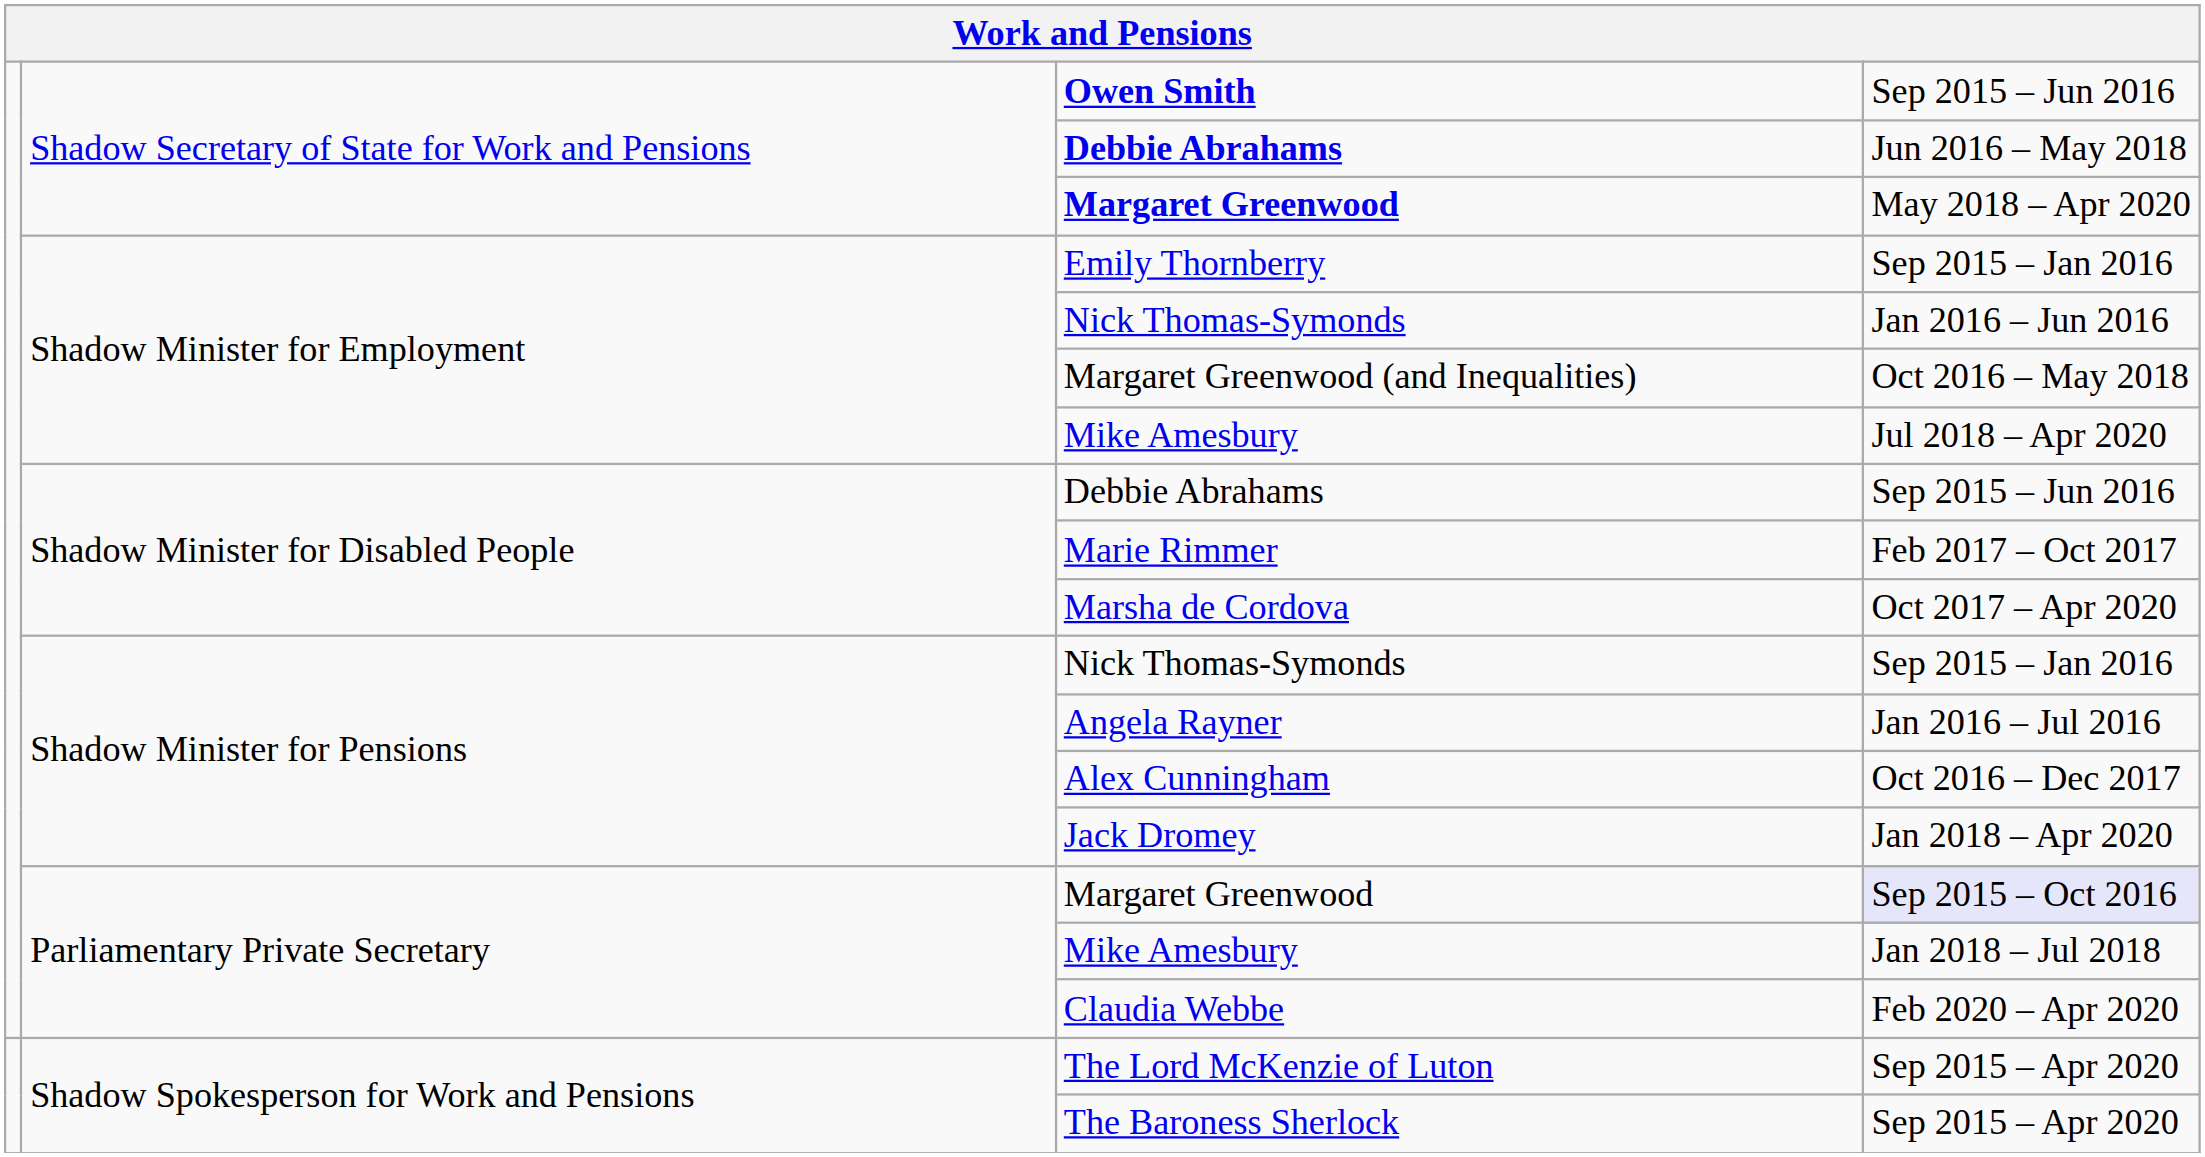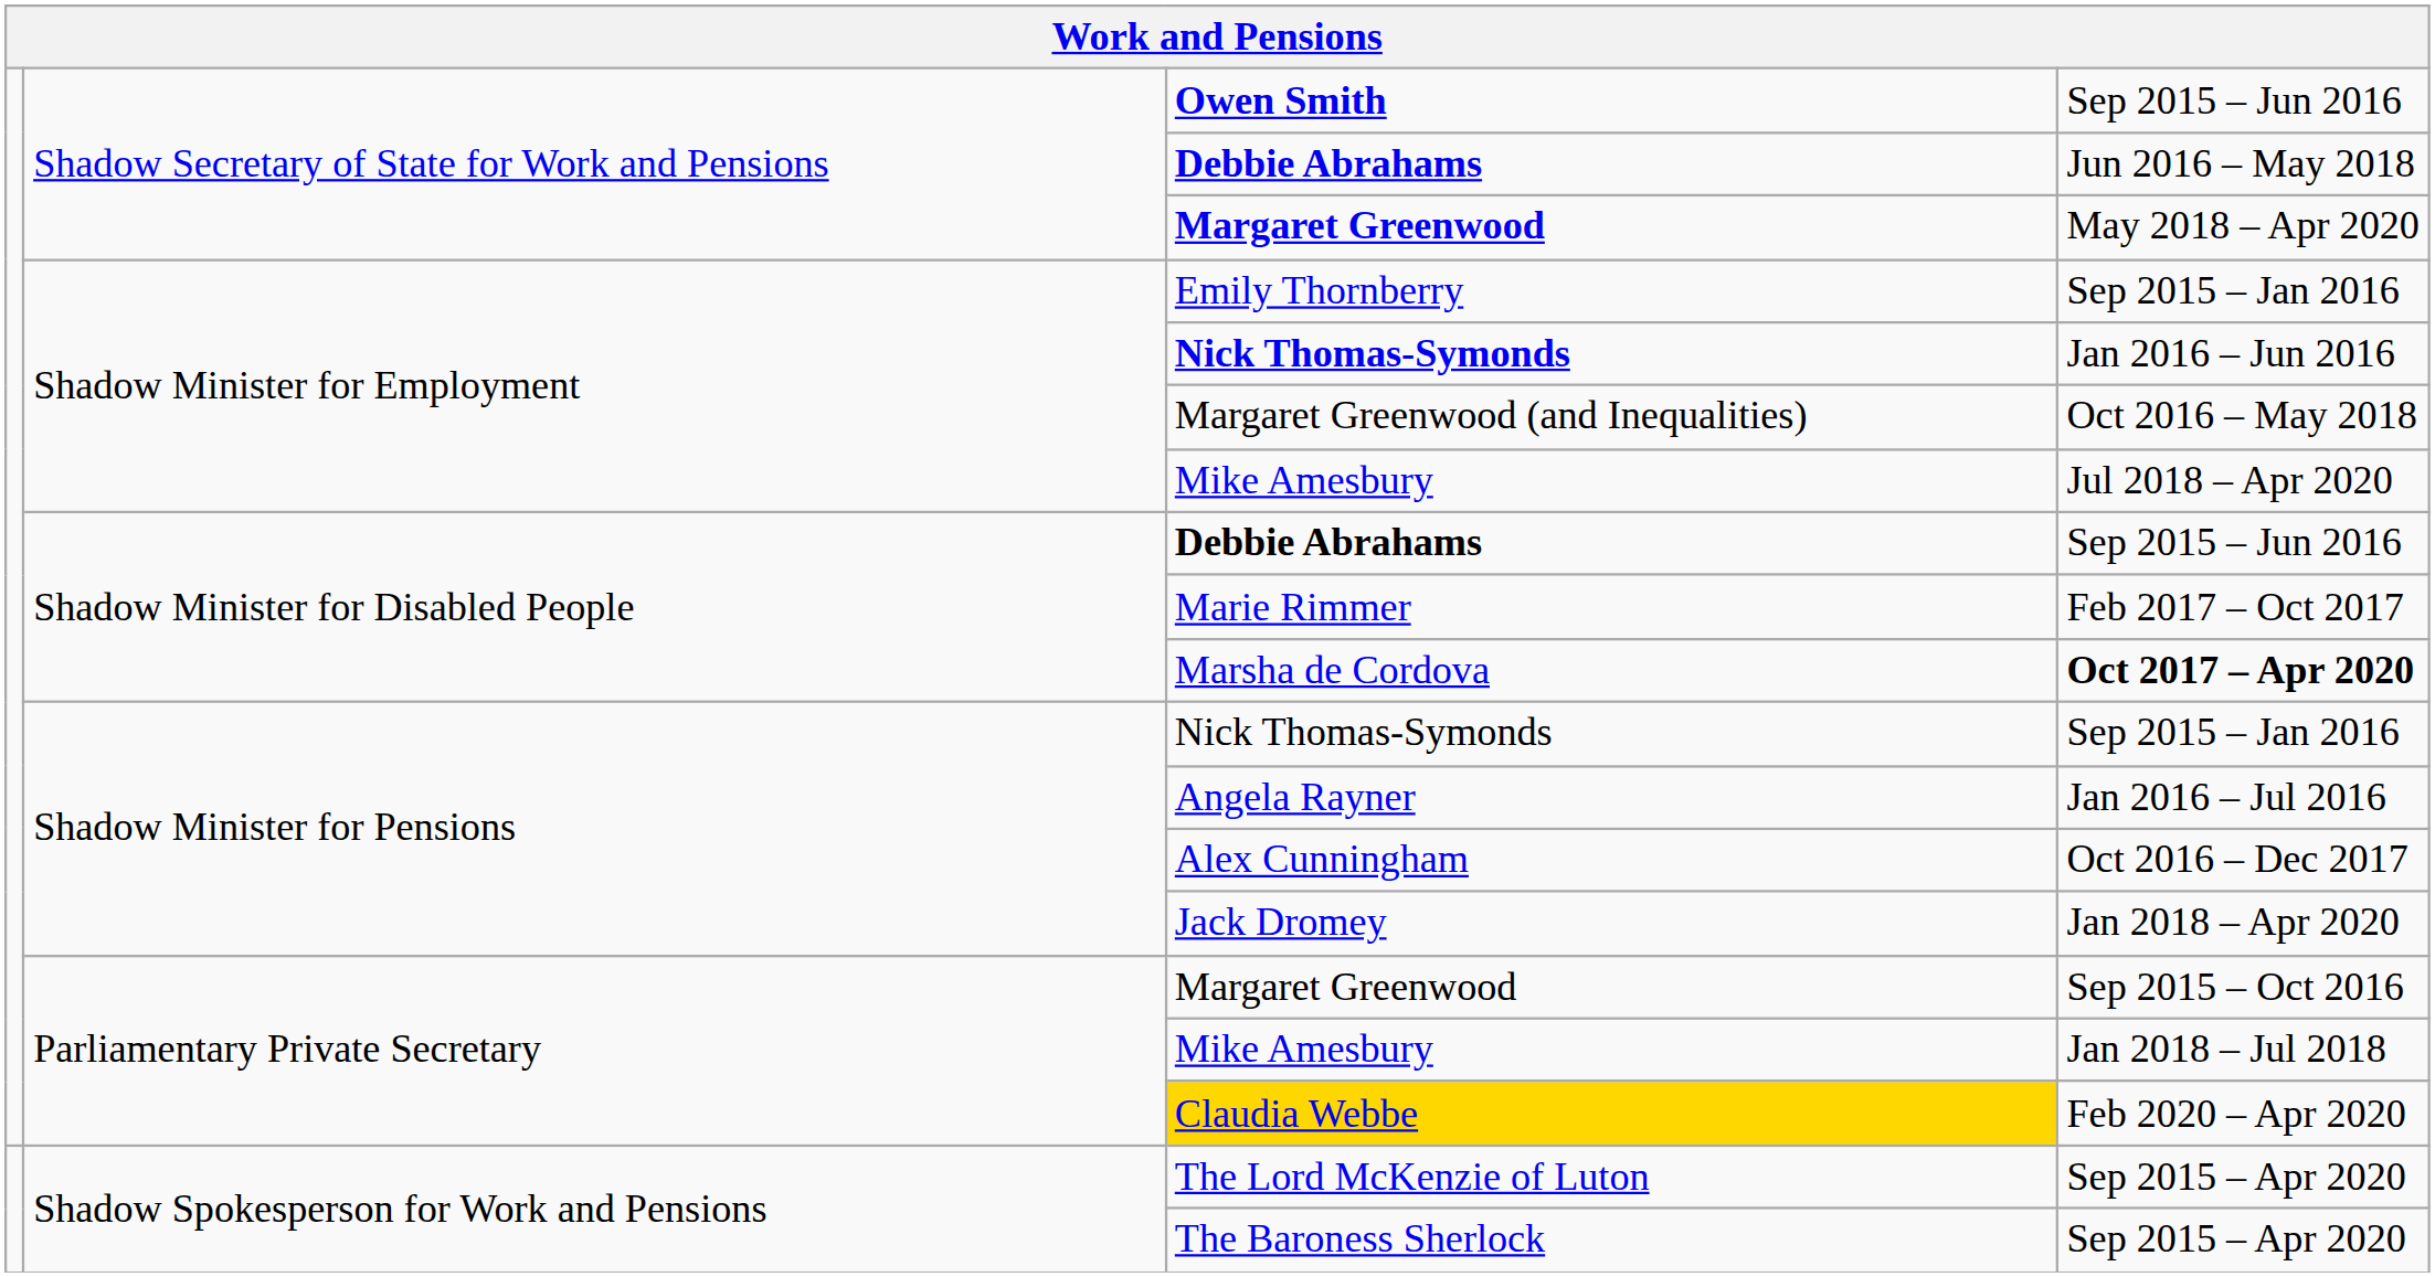 <table class="wikitable">
 <tr>
 <th colspan="4"><a href='#'>Work and Pensions</a></th>
 </tr>
 <tr>
 <td rowspan="17" style="background: "></td>
 <td rowspan="3" style="width: 450px;"><a href='#'>Shadow Secretary of State for Work and Pensions</a></td>
 <td style="width: 350px;"><strong><a href='#'>Owen Smith</a></strong></td>
 <td>Sep 2015 – Jun 2016</td>
 </tr>
 <tr>
 <td><strong><a href='#'>Debbie Abrahams</a></strong></td>
 <td>Jun 2016 – May 2018</td>
 </tr>
 <tr>
 <td><strong><a href='#'>Margaret Greenwood</a></strong></td>
 <td>May 2018 – Apr 2020</td>
 </tr>
 <tr>
 <td rowspan="4">Shadow Minister for Employment</td>
 <td><a href='#'>Emily Thornberry</a></td>
 <td>Sep 2015 – Jan 2016</td>
 </tr>
 <tr>
-<td><a href='#'>Nick Thomas-Symonds</a></td>
+<td><strong><a href='#'>Nick Thomas-Symonds</a></strong></td>
 <td>Jan 2016 – Jun 2016</td>
 </tr>
 <tr>
 <td>Margaret Greenwood (and Inequalities)</td>
 <td>Oct 2016 – May 2018</td>
 </tr>
 <tr>
 <td><a href='#'>Mike Amesbury</a></td>
 <td>Jul 2018 – Apr 2020</td>
 </tr>
 <tr>
 <td rowspan="3">Shadow Minister for Disabled People</td>
-<td>Debbie Abrahams</td>
+<td><strong>Debbie Abrahams</strong></td>
 <td>Sep 2015 – Jun 2016</td>
 </tr>
 <tr>
 <td><a href='#'>Marie Rimmer</a></td>
 <td>Feb 2017 – Oct 2017</td>
 </tr>
 <tr>
 <td><a href='#'>Marsha de Cordova</a></td>
-<td>Oct 2017 – Apr 2020</td>
+<td><strong>Oct 2017 – Apr 2020</strong></td>
 </tr>
 <tr>
 <td rowspan="4">Shadow Minister for Pensions</td>
 <td>Nick Thomas-Symonds</td>
 <td>Sep 2015 – Jan 2016</td>
 </tr>
 <tr>
 <td><a href='#'>Angela Rayner</a></td>
 <td>Jan 2016 – Jul 2016</td>
 </tr>
 <tr>
 <td><a href='#'>Alex Cunningham</a></td>
 <td>Oct 2016 – Dec 2017</td>
 </tr>
 <tr>
 <td><a href='#'>Jack Dromey</a></td>
 <td>Jan 2018 – Apr 2020</td>
 </tr>
 <tr>
 <td rowspan="3">Parliamentary Private Secretary</td>
 <td>Margaret Greenwood</td>
-<td style="background: lavender;">Sep 2015 – Oct 2016</td>
+<td>Sep 2015 – Oct 2016</td>
 </tr>
 <tr>
 <td><a href='#'>Mike Amesbury</a></td>
 <td>Jan 2018 – Jul 2018</td>
 </tr>
 <tr>
-<td><a href='#'>Claudia Webbe</a></td>
+<td style="background: gold;"><a href='#'>Claudia Webbe</a></td>
 <td>Feb 2020 – Apr 2020</td>
 </tr>
 <tr>
 <td rowspan="2" style="background: "></td>
 <td rowspan="2">Shadow Spokesperson for Work and Pensions</td>
 <td><a href='#'>The Lord McKenzie of Luton</a></td>
 <td>Sep 2015 – Apr 2020</td>
 </tr>
 <tr>
 <td><a href='#'>The Baroness Sherlock</a></td>
 <td>Sep 2015 – Apr 2020</td>
 </tr>
 </table>
